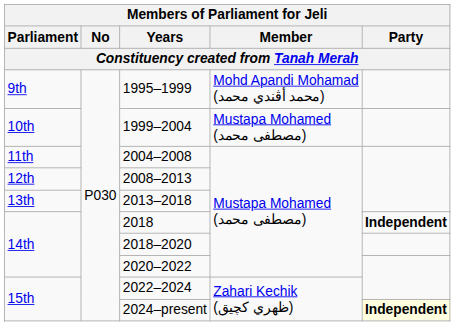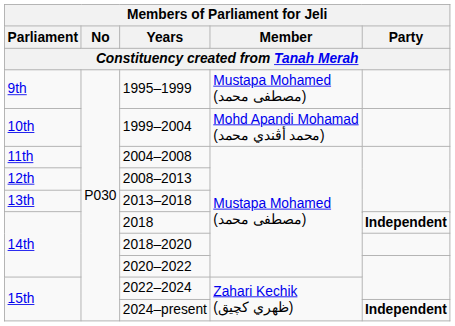 <table class=wikitable>
 <tr>
 <th colspan="5">Members of Parliament for Jeli</th>
 </tr>
 <tr>
 <th>Parliament</th>
 <th>No</th>
 <th>Years</th>
 <th>Member</th>
 <th>Party</th>
 </tr>
 <tr>
 <th colspan="5" align="center"><em>Constituency created from <a href='#'>Tanah Merah</a></em></th>
 </tr>
 <tr>
 <td><a href='#'>9th</a></td>
 <td rowspan="11">P030</td>
 <td>1995–1999</td>
-<td><a href='#'>Mohd Apandi Mohamad</a> <br>  (محمد أڤندي محمد)</td>
+<td><a href='#'>Mustapa Mohamed</a> <br>  (مصطفى محمد)</td>
 <td></td>
 </tr>
 <tr>
 <td><a href='#'>10th</a></td>
 <td>1999–2004</td>
-<td><a href='#'>Mustapa Mohamed</a> <br>  (مصطفى محمد)</td>
+<td><a href='#'>Mohd Apandi Mohamad</a> <br>  (محمد أڤندي محمد)</td>
 <td></td>
 </tr>
 <tr>
 <td><a href='#'>11th</a></td>
 <td>2004–2008</td>
 <td rowspan="7"><a href='#'>Mustapa Mohamed</a> <br>  (مصطفى محمد)</td>
 <td rowspan="4"></td>
 </tr>
 <tr>
 <td><a href='#'>12th</a></td>
 <td>2008–2013</td>
 </tr>
 <tr>
 <td><a href='#'>13th</a></td>
 <td>2013–2018</td>
 </tr>
 <tr>
 <td rowspan="4"><a href='#'>14th</a></td>
 <td rowspan="2">2018</td>
 </tr>
 <tr>
 <td><strong>Independent</strong></td>
 </tr>
 <tr>
 <td>2018–2020</td>
 <td></td>
 </tr>
 <tr>
 <td>2020–2022</td>
 <td rowspan="2"></td>
 </tr>
 <tr>
 <td rowspan="2"><a href='#'>15th</a></td>
 <td>2022–2024</td>
 <td rowspan="2"><a href='#'>Zahari Kechik</a>  <br> (ظهري كچيق)</td>
 </tr>
 <tr>
 <td>2024–present</td>
-<td style="background: lightyellow;"><strong>Independent</strong></td>
+<td><strong>Independent</strong></td>
 </tr>
 </table>
